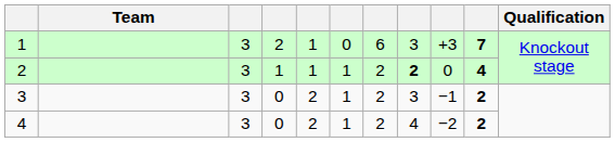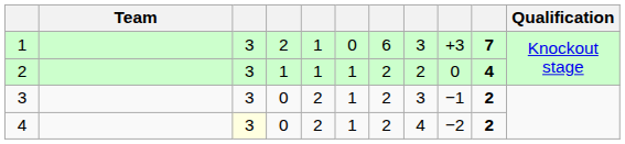 <table class="wikitable" style="text-align:center;">
 <tr>
 <th width=25></th>
 <th width=175>Team</th>
 <th width=25></th>
 <th width=25></th>
 <th width=25></th>
 <th width=25></th>
 <th width=25></th>
 <th width=25></th>
 <th width=25></th>
 <th width=25></th>
 <th width=100>Qualification</th>
 </tr>
 <tr bgcolor=#ccffcc align=center>
 <td>1</td>
 <td style="text-align:left;"></td>
 <td>3</td>
 <td>2</td>
 <td>1</td>
 <td>0</td>
 <td>6</td>
 <td>3</td>
 <td>+3</td>
 <td><strong>7</strong></td>
 <td rowspan="2"><a href='#'>Knockout stage</a></td>
 </tr>
 <tr bgcolor=#ccffcc align=center>
 <td>2</td>
 <td style="text-align:left;"></td>
 <td>3</td>
 <td>1</td>
 <td>1</td>
 <td>1</td>
 <td>2</td>
-<td><strong>2</strong></td>
+<td>2</td>
 <td>0</td>
 <td><strong>4</strong></td>
 </tr>
 <tr align=center>
 <td>3</td>
 <td style="text-align:left;"></td>
 <td>3</td>
 <td>0</td>
 <td>2</td>
 <td>1</td>
 <td>2</td>
 <td>3</td>
 <td>−1</td>
 <td><strong>2</strong></td>
 <td rowspan="2"></td>
 </tr>
 <tr align=center>
 <td>4</td>
 <td style="text-align:left;"></td>
-<td>3</td>
+<td style="background: lightyellow;">3</td>
 <td>0</td>
 <td>2</td>
 <td>1</td>
 <td>2</td>
 <td>4</td>
 <td>−2</td>
 <td><strong>2</strong></td>
 </tr>
 </table>
